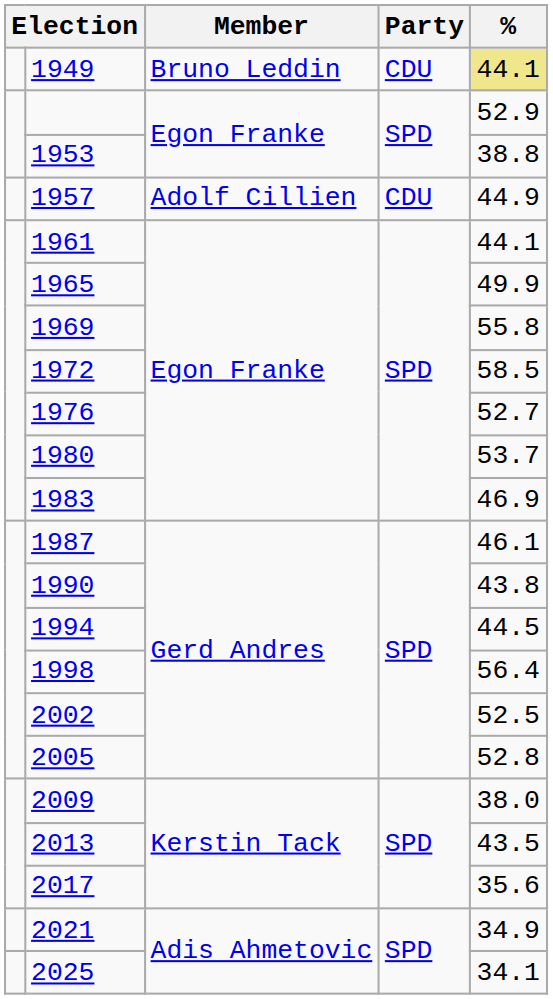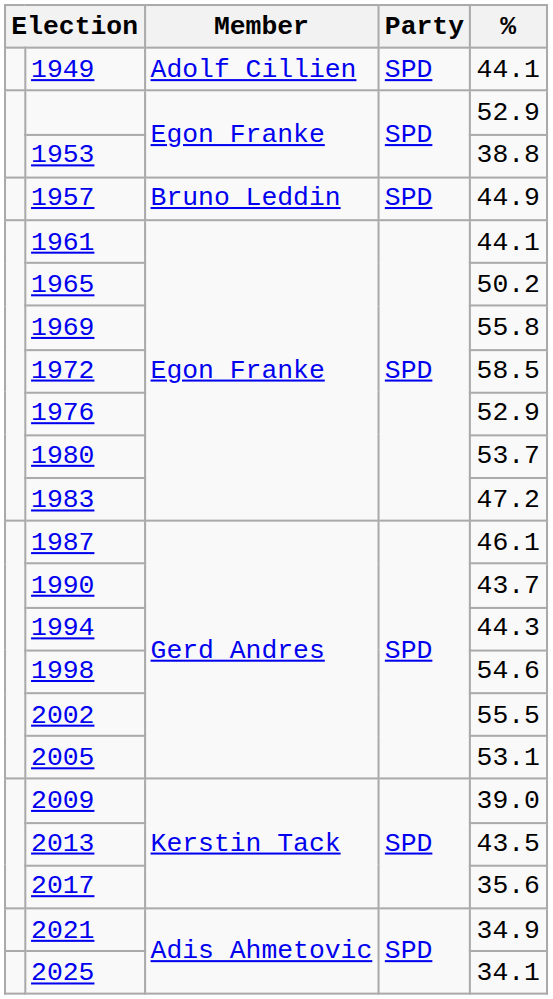 <table class=wikitable>
 <tr>
 <th colspan=2>Election</th>
 <th>Member</th>
 <th>Party</th>
 <th>%</th>
 </tr>
 <tr>
 <td bgcolor=></td>
 <td><a href='#'>1949</a></td>
-<td><a href='#'>Bruno Leddin</a></td>
-<td><a href='#'>CDU</a></td>
-<td align=right style="background: khaki;">44.1</td>
+<td><a href='#'>Adolf Cillien</a></td>
+<td><a href='#'>SPD</a></td>
+<td align=right>44.1</td>
 </tr>
 <tr>
 <td rowspan=2 bgcolor=></td>
 <td><em></em></td>
 <td rowspan=2><a href='#'>Egon Franke</a></td>
 <td rowspan=2><a href='#'>SPD</a></td>
 <td align=right>52.9</td>
 </tr>
 <tr>
 <td><a href='#'>1953</a></td>
 <td align=right>38.8</td>
 </tr>
 <tr>
 <td bgcolor=></td>
 <td><a href='#'>1957</a></td>
-<td><a href='#'>Adolf Cillien</a></td>
-<td><a href='#'>CDU</a></td>
+<td><a href='#'>Bruno Leddin</a></td>
+<td><a href='#'>SPD</a></td>
 <td align=right>44.9</td>
 </tr>
 <tr>
 <td rowspan=7 bgcolor=></td>
 <td><a href='#'>1961</a></td>
 <td rowspan=7><a href='#'>Egon Franke</a></td>
 <td rowspan=7><a href='#'>SPD</a></td>
 <td align=right>44.1</td>
 </tr>
 <tr>
 <td><a href='#'>1965</a></td>
-<td align=right>49.9</td>
+<td align=right>50.2</td>
 </tr>
 <tr>
 <td><a href='#'>1969</a></td>
 <td align=right>55.8</td>
 </tr>
 <tr>
 <td><a href='#'>1972</a></td>
 <td align=right>58.5</td>
 </tr>
 <tr>
 <td><a href='#'>1976</a></td>
-<td align=right>52.7</td>
+<td align=right>52.9</td>
 </tr>
 <tr>
 <td><a href='#'>1980</a></td>
 <td align=right>53.7</td>
 </tr>
 <tr>
 <td><a href='#'>1983</a></td>
-<td align=right>46.9</td>
+<td align=right>47.2</td>
 </tr>
 <tr>
 <td rowspan=6 bgcolor=></td>
 <td><a href='#'>1987</a></td>
 <td rowspan=6><a href='#'>Gerd Andres</a></td>
 <td rowspan=6><a href='#'>SPD</a></td>
 <td align=right>46.1</td>
 </tr>
 <tr>
 <td><a href='#'>1990</a></td>
-<td align=right>43.8</td>
+<td align=right>43.7</td>
 </tr>
 <tr>
 <td><a href='#'>1994</a></td>
-<td align=right>44.5</td>
+<td align=right>44.3</td>
 </tr>
 <tr>
 <td><a href='#'>1998</a></td>
-<td align=right>56.4</td>
+<td align=right>54.6</td>
 </tr>
 <tr>
 <td><a href='#'>2002</a></td>
-<td align=right>52.5</td>
+<td align=right>55.5</td>
 </tr>
 <tr>
 <td><a href='#'>2005</a></td>
-<td align=right>52.8</td>
+<td align=right>53.1</td>
 </tr>
 <tr>
 <td rowspan=3 bgcolor=></td>
 <td><a href='#'>2009</a></td>
 <td rowspan=3><a href='#'>Kerstin Tack</a></td>
 <td rowspan=3><a href='#'>SPD</a></td>
-<td align=right>38.0</td>
+<td align=right>39.0</td>
 </tr>
 <tr>
 <td><a href='#'>2013</a></td>
 <td align=right>43.5</td>
 </tr>
 <tr>
 <td><a href='#'>2017</a></td>
 <td align=right>35.6</td>
 </tr>
 <tr>
 <td bgcolor=></td>
 <td><a href='#'>2021</a></td>
 <td rowspan="2"><a href='#'>Adis Ahmetovic</a></td>
 <td rowspan="2"><a href='#'>SPD</a></td>
 <td align=right>34.9</td>
 </tr>
 <tr>
 <td></td>
 <td><a href='#'>2025</a></td>
 <td>34.1</td>
 </tr>
 </table>
